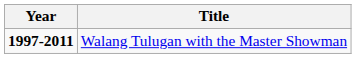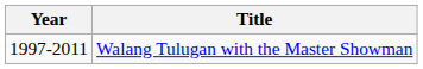 <table class="wikitable">
 <tr>
 <th>Year</th>
 <th>Title</th>
 </tr>
 <tr>
-<td><strong>1997-2011</strong></td>
+<td>1997-2011</td>
 <td><a href='#'>Walang Tulugan with the Master Showman</a></td>
 </tr>
 </table>
